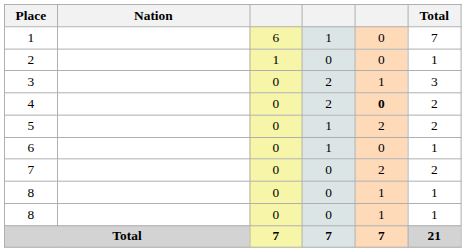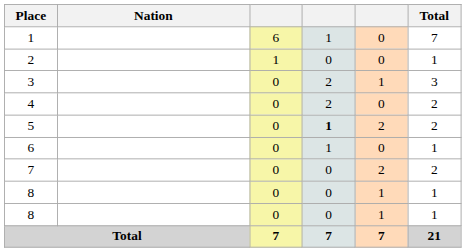 <table class=wikitable style="border:1px solid #AAAAAA;font-size:90%">
 <tr bgcolor="#EFEFEF">
 <th width=50>Place</th>
 <th width=200>Nation</th>
 <th width=50></th>
 <th width=50></th>
 <th width=50></th>
 <th width=50>Total</th>
 </tr>
 <tr align="center" valign="top" bgcolor="#FFFFFF">
 <td>1</td>
 <td align="left"></td>
 <td style="background:#F7F6A8;">6</td>
 <td style="background:#DCE5E5;">1</td>
 <td style="background:#FFDAB9;">0</td>
 <td>7</td>
 </tr>
 <tr align="center" valign="top" bgcolor="#FFFFFF">
 <td>2</td>
 <td align="left"></td>
 <td style="background:#F7F6A8;">1</td>
 <td style="background:#DCE5E5;">0</td>
 <td style="background:#FFDAB9;">0</td>
 <td>1</td>
 </tr>
 <tr align="center" valign="top" bgcolor="#FFFFFF">
 <td>3</td>
 <td align="left"></td>
 <td style="background:#F7F6A8;">0</td>
 <td style="background:#DCE5E5;">2</td>
 <td style="background:#FFDAB9;">1</td>
 <td>3</td>
 </tr>
 <tr align="center" valign="top" bgcolor="#FFFFFF">
 <td>4</td>
 <td align="left"></td>
 <td style="background:#F7F6A8;">0</td>
 <td style="background:#DCE5E5;">2</td>
-<td style="background:#FFDAB9;"><strong>0</strong></td>
+<td style="background:#FFDAB9;">0</td>
 <td>2</td>
 </tr>
 <tr align="center" valign="top" bgcolor="#FFFFFF">
 <td>5</td>
 <td align="left"></td>
 <td style="background:#F7F6A8;">0</td>
-<td style="background:#DCE5E5;">1</td>
+<td style="background:#DCE5E5;"><strong>1</strong></td>
 <td style="background:#FFDAB9;">2</td>
 <td>2</td>
 </tr>
 <tr align="center" valign="top" bgcolor="#FFFFFF">
 <td>6</td>
 <td align="left"></td>
 <td style="background:#F7F6A8;">0</td>
 <td style="background:#DCE5E5;">1</td>
 <td style="background:#FFDAB9;">0</td>
 <td>1</td>
 </tr>
 <tr align="center" valign="top" bgcolor="#FFFFFF">
 <td>7</td>
 <td align="left"></td>
 <td style="background:#F7F6A8;">0</td>
 <td style="background:#DCE5E5;">0</td>
 <td style="background:#FFDAB9;">2</td>
 <td>2</td>
 </tr>
 <tr align="center" valign="top" bgcolor="#FFFFFF">
 <td>8</td>
 <td align="left"></td>
 <td style="background:#F7F6A8;">0</td>
 <td style="background:#DCE5E5;">0</td>
 <td style="background:#FFDAB9;">1</td>
 <td>1</td>
 </tr>
 <tr align="center" valign="top" bgcolor="#FFFFFF">
 <td>8</td>
 <td align="left"></td>
 <td style="background:#F7F6A8;">0</td>
 <td style="background:#DCE5E5;">0</td>
 <td style="background:#FFDAB9;">1</td>
 <td>1</td>
 </tr>
 <tr align="center">
 <td colspan="2" bgcolor=D3D3D3><strong>Total</strong></td>
 <td style="background:#F7F6A8;"><strong>7</strong></td>
 <td style="background:#DCE5E5;"><strong>7</strong></td>
 <td style="background:#FFDAB9;"><strong>7</strong></td>
 <td bgcolor=D3D3D3><strong>21</strong></td>
 </tr>
 </table>
